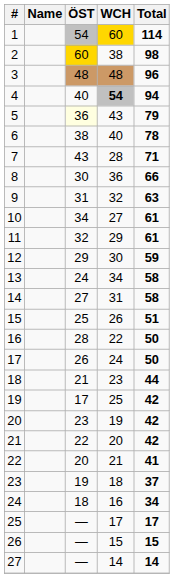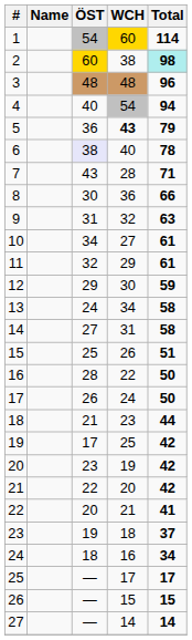 <table class="wikitable sortable" style="text-align:center;">
 <tr>
 <th>#</th>
 <th>Name</th>
 <th>ÖST</th>
 <th>WCH</th>
 <th>Total</th>
 </tr>
 <tr>
 <td>1</td>
 <td align="left"></td>
 <td bgcolor="silver">54</td>
 <td bgcolor="gold">60</td>
 <td><strong>114</strong></td>
 </tr>
 <tr>
 <td>2</td>
 <td align="left"></td>
 <td bgcolor="gold">60</td>
 <td>38</td>
-<td><strong>98</strong></td>
+<td style="background: paleturquoise;"><strong>98</strong></td>
 </tr>
 <tr>
 <td>3</td>
 <td align="left"></td>
 <td bgcolor=CC9966>48</td>
 <td bgcolor=CC9966>48</td>
 <td><strong>96</strong></td>
 </tr>
 <tr>
 <td>4</td>
 <td align="left"></td>
 <td>40</td>
-<td bgcolor="silver"><strong>54</strong></td>
+<td bgcolor="silver">54</td>
 <td><strong>94</strong></td>
 </tr>
 <tr>
 <td>5</td>
 <td align="left"></td>
-<td style="background: lightyellow;">36</td>
-<td>43</td>
+<td>36</td>
+<td><strong>43</strong></td>
 <td><strong>79</strong></td>
 </tr>
 <tr>
 <td>6</td>
 <td align="left"></td>
-<td>38</td>
+<td style="background: lavender;">38</td>
 <td>40</td>
 <td><strong>78</strong></td>
 </tr>
 <tr>
 <td>7</td>
 <td align="left"></td>
 <td>43</td>
 <td>28</td>
 <td><strong>71</strong></td>
 </tr>
 <tr>
 <td>8</td>
 <td align="left"></td>
 <td>30</td>
 <td>36</td>
 <td><strong>66</strong></td>
 </tr>
 <tr>
 <td>9</td>
 <td align="left"></td>
 <td>31</td>
 <td>32</td>
 <td><strong>63</strong></td>
 </tr>
 <tr>
 <td>10</td>
 <td align="left"></td>
 <td>34</td>
 <td>27</td>
 <td><strong>61</strong></td>
 </tr>
 <tr>
 <td>11</td>
 <td align="left"></td>
 <td>32</td>
 <td>29</td>
 <td><strong>61</strong></td>
 </tr>
 <tr>
 <td>12</td>
 <td align="left"></td>
 <td>29</td>
 <td>30</td>
 <td><strong>59</strong></td>
 </tr>
 <tr>
 <td>13</td>
 <td align="left"></td>
 <td>24</td>
 <td>34</td>
 <td><strong>58</strong></td>
 </tr>
 <tr>
 <td>14</td>
 <td align="left"></td>
 <td>27</td>
 <td>31</td>
 <td><strong>58</strong></td>
 </tr>
 <tr>
 <td>15</td>
 <td align="left"></td>
 <td>25</td>
 <td>26</td>
 <td><strong>51</strong></td>
 </tr>
 <tr>
 <td>16</td>
 <td align="left"></td>
 <td>28</td>
 <td>22</td>
 <td><strong>50</strong></td>
 </tr>
 <tr>
 <td>17</td>
 <td align="left"></td>
 <td>26</td>
 <td>24</td>
 <td><strong>50</strong></td>
 </tr>
 <tr>
 <td>18</td>
 <td align="left"></td>
 <td>21</td>
 <td>23</td>
 <td><strong>44</strong></td>
 </tr>
 <tr>
 <td>19</td>
 <td align="left"></td>
 <td>17</td>
 <td>25</td>
 <td><strong>42</strong></td>
 </tr>
 <tr>
 <td>20</td>
 <td align="left"></td>
 <td>23</td>
 <td>19</td>
 <td><strong>42</strong></td>
 </tr>
 <tr>
 <td>21</td>
 <td align="left"></td>
 <td>22</td>
 <td>20</td>
 <td><strong>42</strong></td>
 </tr>
 <tr>
 <td>22</td>
 <td align="left"></td>
 <td>20</td>
 <td>21</td>
 <td><strong>41</strong></td>
 </tr>
 <tr>
 <td>23</td>
 <td align="left"></td>
 <td>19</td>
 <td>18</td>
 <td><strong>37</strong></td>
 </tr>
 <tr>
 <td>24</td>
 <td align="left"></td>
 <td>18</td>
 <td>16</td>
 <td><strong>34</strong></td>
 </tr>
 <tr>
 <td>25</td>
 <td align="left"></td>
 <td>—</td>
 <td>17</td>
 <td><strong>17</strong></td>
 </tr>
 <tr>
 <td>26</td>
 <td align="left"></td>
 <td>—</td>
 <td>15</td>
 <td><strong>15</strong></td>
 </tr>
 <tr>
 <td>27</td>
 <td align="left"></td>
 <td>—</td>
 <td>14</td>
 <td><strong>14</strong></td>
 </tr>
 <tr>
 </tr>
 </table>
